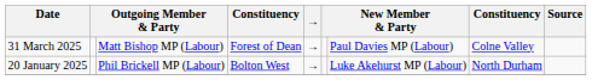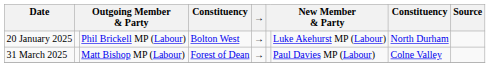 <table class="wikitable">
 <tr>
 <th valign="top">Date</th>
 <th colspan="2" valign="top">Outgoing Member<br>& Party</th>
 <th valign="top">Constituency</th>
 <th>→</th>
 <th colspan="2" valign="top">New Member<br>& Party</th>
 <th valign="top">Constituency</th>
 <th valign="top">Source</th>
+</tr>
+<tr>
+<td nowrap>20 January 2025</td>
+<td style="color:inherit;background:"></td>
+<td><a href='#'>Phil Brickell</a> MP (<a href='#'>Labour</a>)</td>
+<td><a href='#'>Bolton West</a></td>
+<td>→</td>
+<td style="color:inherit;background:"></td>
+<td><a href='#'>Luke Akehurst</a> MP (<a href='#'>Labour</a>)</td>
+<td><a href='#'>North Durham</a></td>
+<td></td>
 </tr>
 <tr>
 <td nowrap>31 March 2025</td>
 <td style="color:inherit;background:"></td>
 <td><a href='#'>Matt Bishop</a> MP (<a href='#'>Labour</a>)</td>
 <td><a href='#'>Forest of Dean</a></td>
 <td>→</td>
 <td style="color:inherit;background:"></td>
 <td><a href='#'>Paul Davies</a> MP (<a href='#'>Labour</a>)</td>
 <td><a href='#'>Colne Valley</a></td>
 <td></td>
 </tr>
 <tr>
-<td nowrap>20 January 2025</td>
-<td style="color:inherit;background:"></td>
-<td><a href='#'>Phil Brickell</a> MP (<a href='#'>Labour</a>)</td>
-<td><a href='#'>Bolton West</a></td>
-<td>→</td>
-<td style="color:inherit;background:"></td>
-<td><a href='#'>Luke Akehurst</a> MP (<a href='#'>Labour</a>)</td>
-<td><a href='#'>North Durham</a></td>
-<td></td>
-</tr>
-<tr>
 </tr>
 </table>
